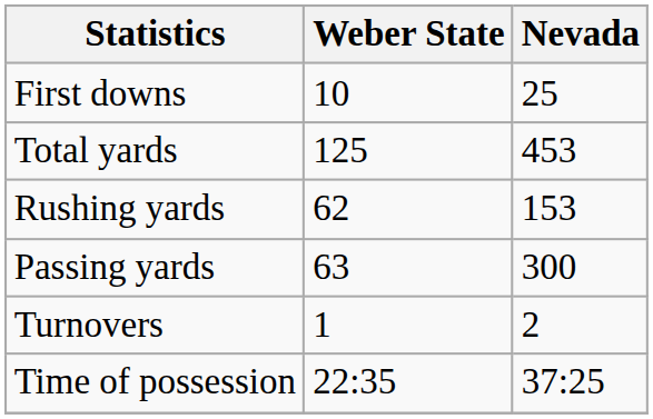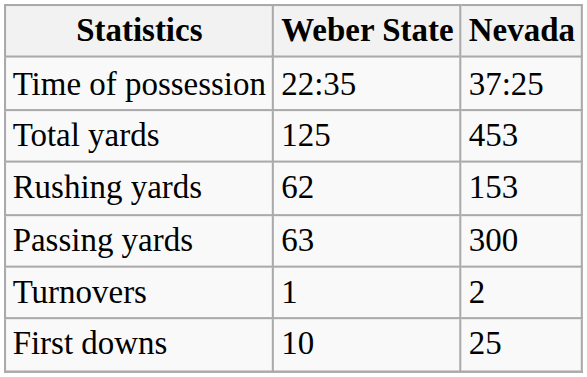 <table class="wikitable">
 <tr>
 <th>Statistics</th>
 <th>Weber State</th>
 <th>Nevada</th>
 </tr>
 <tr>
-<td>First downs</td>
-<td>10</td>
-<td>25</td>
+<td>Time of possession</td>
+<td>22:35</td>
+<td>37:25</td>
 </tr>
 <tr>
 <td>Total yards</td>
 <td>125</td>
 <td>453</td>
 </tr>
 <tr>
 <td>Rushing yards</td>
 <td>62</td>
 <td>153</td>
 </tr>
 <tr>
 <td>Passing yards</td>
 <td>63</td>
 <td>300</td>
 </tr>
 <tr>
 <td>Turnovers</td>
 <td>1</td>
 <td>2</td>
 </tr>
 <tr>
-<td>Time of possession</td>
-<td>22:35</td>
-<td>37:25</td>
+<td>First downs</td>
+<td>10</td>
+<td>25</td>
 </tr>
 <tr>
 </tr>
 </table>
